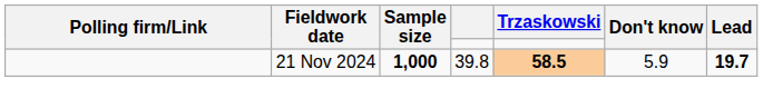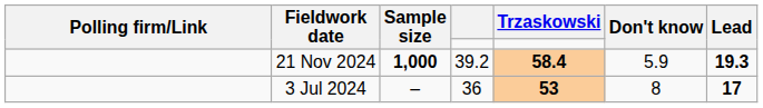 <table class="wikitable" style="text-align:center; font-size:85%; line-height:14px;">
 <tr>
 <th rowspan="2" style="width:200px;">Polling firm/Link</th>
 <th rowspan="2" data-sort-type="date">Fieldwork<br>date</th>
 <th rowspan="2" style="width:20px;">Sample<br>size</th>
 <th><br></th>
 <th><a href='#'>Trzaskowski</a><br></th>
 <th rowspan="2">Don't know</th>
 <th rowspan="2">Lead</th>
 </tr>
 <tr>
 <td style="background:"></td>
 <td style="background:"></td>
 </tr>
 <tr>
 <td></td>
 <td data-sort-value="2024-11-21">21 Nov 2024</td>
 <td><strong>1,000</strong></td>
-<td>39.8</td>
-<td style="background:#fbcc99;"><strong>58.5</strong></td>
+<td>39.2</td>
+<td style="background:#fbcc99;"><strong>58.4</strong></td>
 <td>5.9</td>
-<td style="background:"><strong>19.7</strong></td>
+<td style="background:"><strong>19.3</strong></td>
+</tr>
+<tr>
+<td></td>
+<td data-sort-value="2024-07-03">3 Jul 2024</td>
+<td>–</td>
+<td>36</td>
+<td style="background:#fbcc99;"><strong>53</strong></td>
+<td>8</td>
+<td style="background:"><strong>17</strong></td>
 </tr>
 </table>
